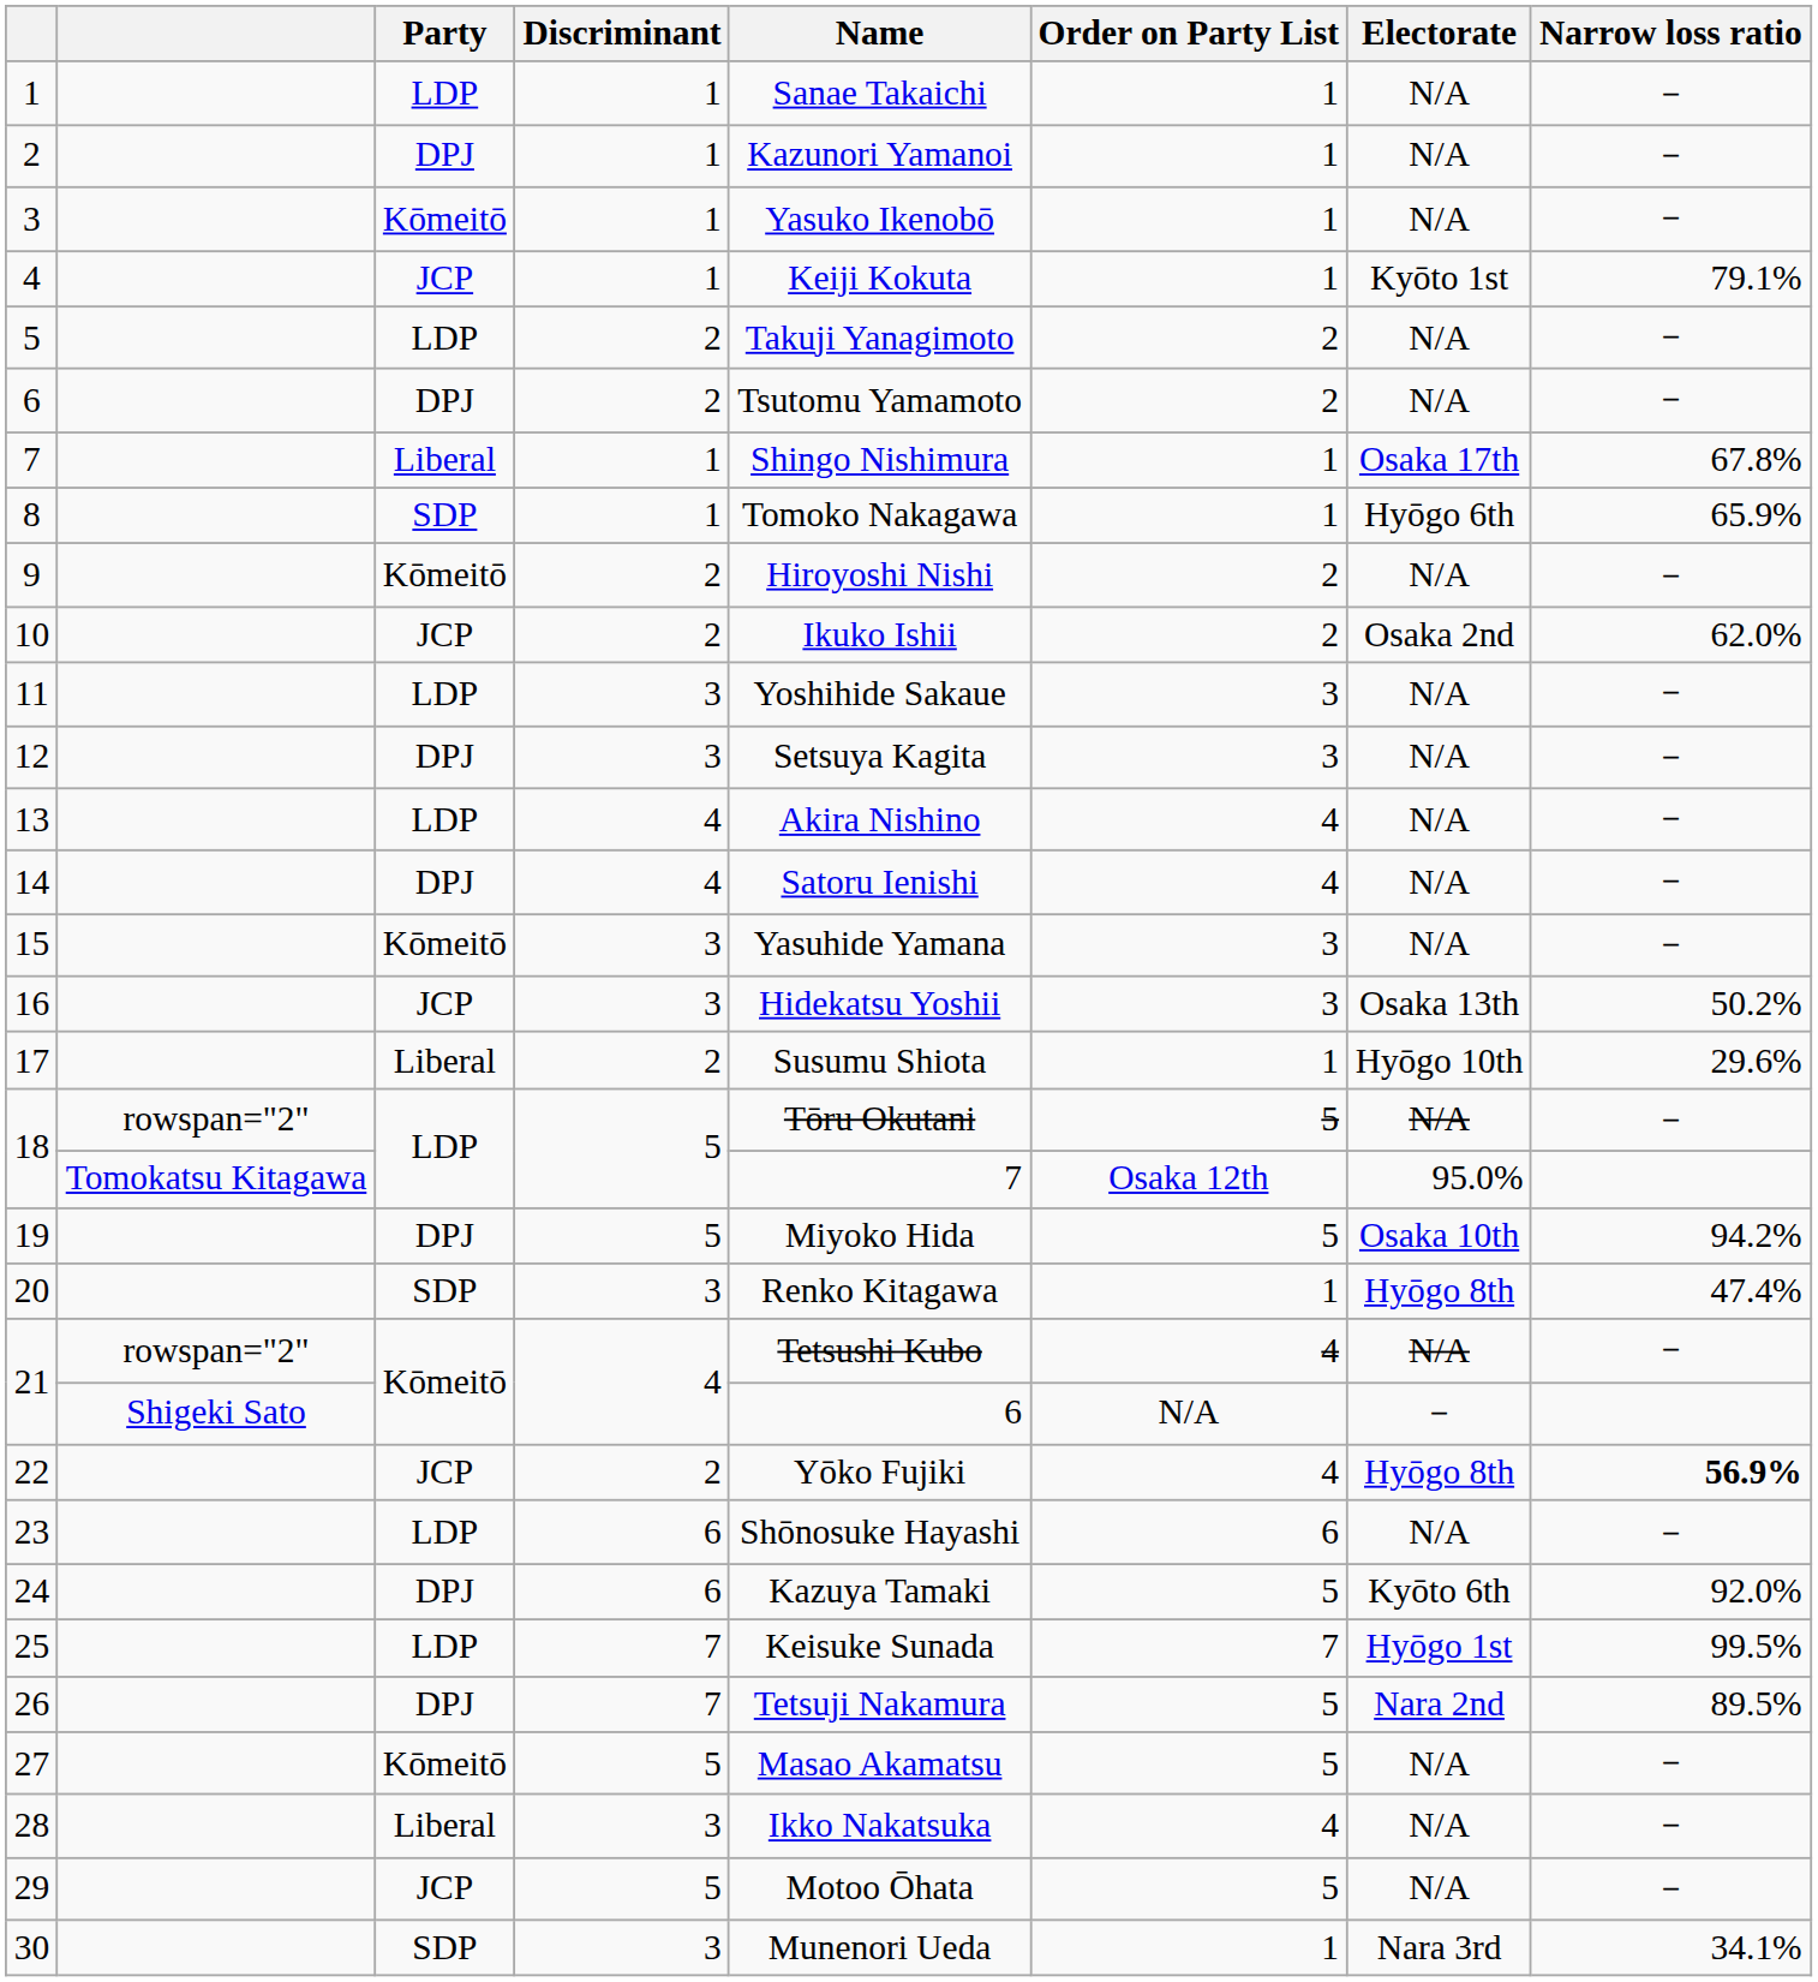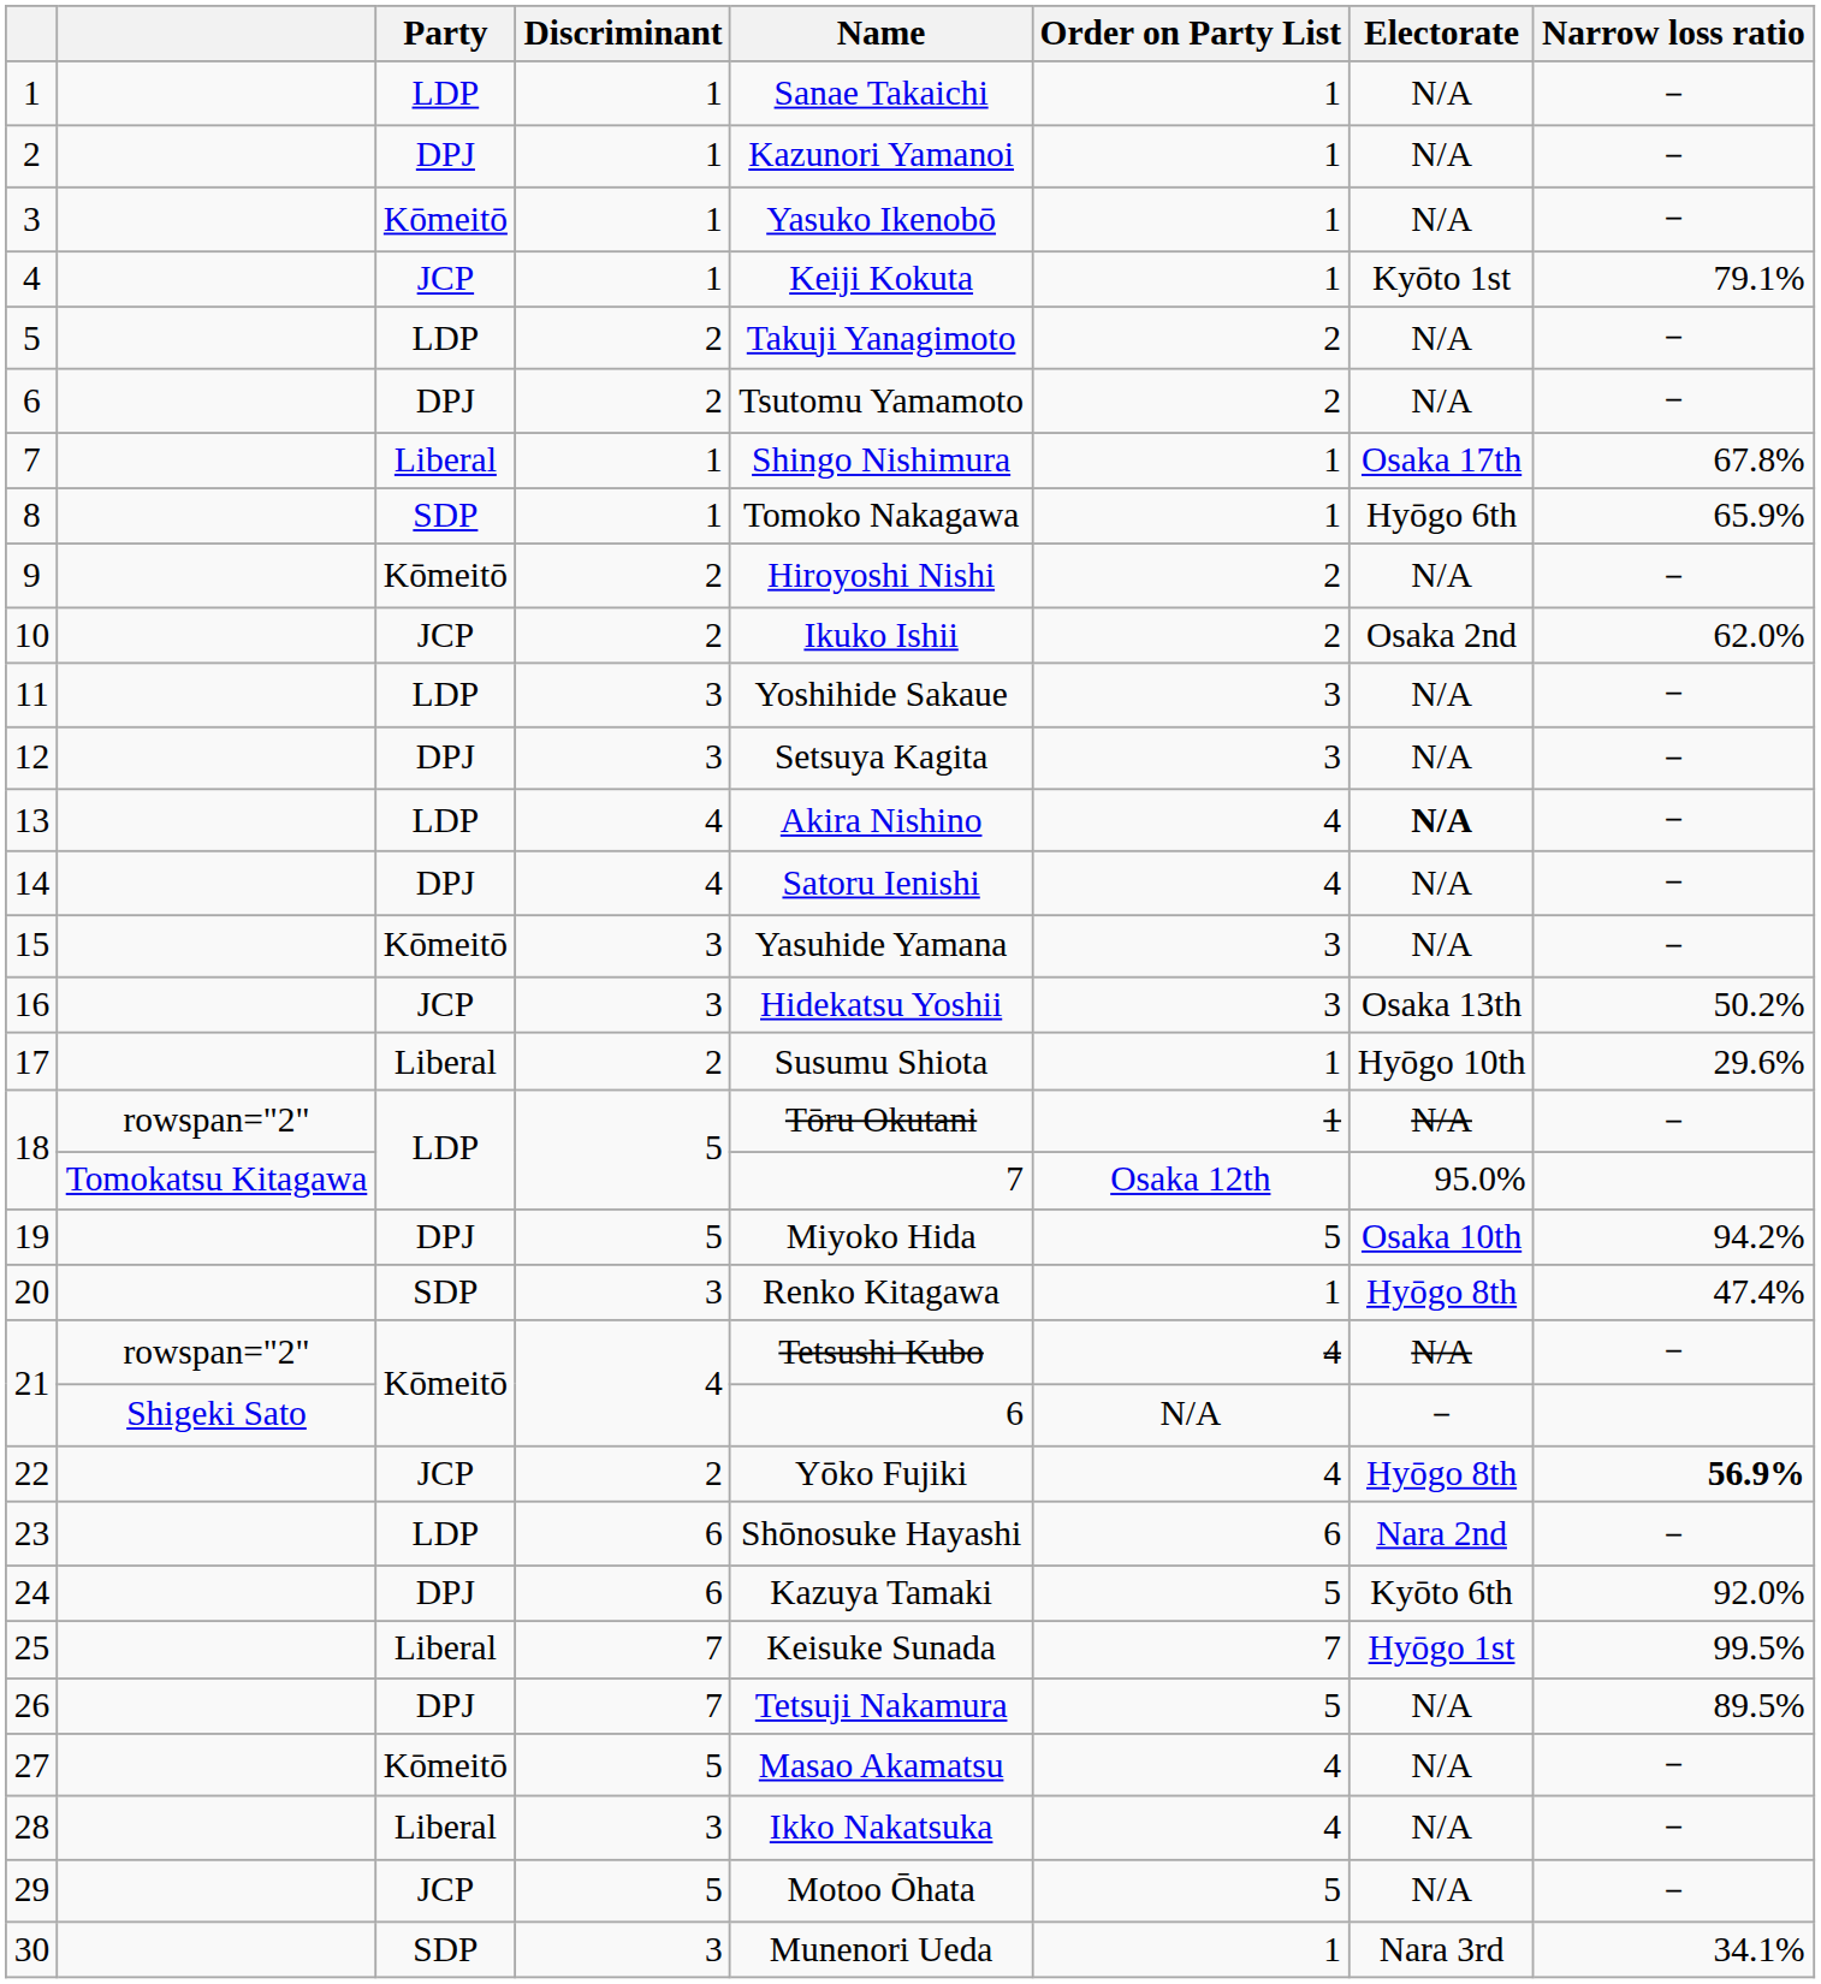 <table class="wikitable sortable" style="text-align:center;">
 <tr>
 <th></th>
 <th></th>
 <th>Party</th>
 <th>Discriminant</th>
 <th>Name</th>
 <th>Order on Party List</th>
 <th>Electorate</th>
 <th>Narrow loss ratio</th>
 </tr>
 <tr>
 <td>1</td>
 <td></td>
 <td><a href='#'>LDP</a></td>
 <td style="text-align: right;">1</td>
 <td><a href='#'>Sanae Takaichi</a></td>
 <td style="text-align: right;">1</td>
 <td>N/A</td>
 <td>－</td>
 </tr>
 <tr>
 <td>2</td>
 <td></td>
 <td><a href='#'>DPJ</a></td>
 <td style="text-align: right;">1</td>
 <td><a href='#'>Kazunori Yamanoi</a></td>
 <td style="text-align: right;">1</td>
 <td>N/A</td>
 <td>－</td>
 </tr>
 <tr>
 <td>3</td>
 <td></td>
 <td><a href='#'>Kōmeitō</a></td>
 <td style="text-align: right;">1</td>
 <td><a href='#'>Yasuko Ikenobō</a></td>
 <td style="text-align: right;">1</td>
 <td>N/A</td>
 <td>－</td>
 </tr>
 <tr>
 <td>4</td>
 <td></td>
 <td><a href='#'>JCP</a></td>
 <td style="text-align: right;">1</td>
 <td><a href='#'>Keiji Kokuta</a></td>
 <td style="text-align: right;">1</td>
 <td>Kyōto 1st</td>
 <td style="text-align: right;">79.1%</td>
 </tr>
 <tr>
 <td>5</td>
 <td></td>
 <td>LDP</td>
 <td style="text-align: right;">2</td>
 <td><a href='#'>Takuji Yanagimoto</a></td>
 <td style="text-align: right;">2</td>
 <td>N/A</td>
 <td>－</td>
 </tr>
 <tr>
 <td>6</td>
 <td></td>
 <td>DPJ</td>
 <td style="text-align: right;">2</td>
 <td>Tsutomu Yamamoto</td>
 <td style="text-align: right;">2</td>
 <td>N/A</td>
 <td>－</td>
 </tr>
 <tr>
 <td>7</td>
 <td></td>
 <td><a href='#'>Liberal</a></td>
 <td style="text-align: right;">1</td>
 <td><a href='#'>Shingo Nishimura</a></td>
 <td style="text-align: right;">1</td>
 <td><a href='#'>Osaka 17th</a></td>
 <td style="text-align: right;">67.8%</td>
 </tr>
 <tr>
 <td>8</td>
 <td></td>
 <td><a href='#'>SDP</a></td>
 <td style="text-align: right;">1</td>
 <td>Tomoko Nakagawa</td>
 <td style="text-align: right;">1</td>
 <td>Hyōgo 6th</td>
 <td style="text-align: right;">65.9%</td>
 </tr>
 <tr>
 <td>9</td>
 <td></td>
 <td>Kōmeitō</td>
 <td style="text-align: right;">2</td>
 <td><a href='#'>Hiroyoshi Nishi</a></td>
 <td style="text-align: right;">2</td>
 <td>N/A</td>
 <td>－</td>
 </tr>
 <tr>
 <td>10</td>
 <td></td>
 <td>JCP</td>
 <td style="text-align: right;">2</td>
 <td><a href='#'>Ikuko Ishii</a></td>
 <td style="text-align: right;">2</td>
 <td>Osaka 2nd</td>
 <td style="text-align: right;">62.0%</td>
 </tr>
 <tr>
 <td>11</td>
 <td></td>
 <td>LDP</td>
 <td style="text-align: right;">3</td>
 <td>Yoshihide Sakaue</td>
 <td style="text-align: right;">3</td>
 <td>N/A</td>
 <td>－</td>
 </tr>
 <tr>
 <td>12</td>
 <td></td>
 <td>DPJ</td>
 <td style="text-align: right;">3</td>
 <td>Setsuya Kagita</td>
 <td style="text-align: right;">3</td>
 <td>N/A</td>
 <td>－</td>
 </tr>
 <tr>
 <td>13</td>
 <td></td>
 <td>LDP</td>
 <td style="text-align: right;">4</td>
 <td><a href='#'>Akira Nishino</a></td>
 <td style="text-align: right;">4</td>
-<td>N/A</td>
+<td><strong>N/A</strong></td>
 <td>－</td>
 </tr>
 <tr>
 <td>14</td>
 <td></td>
 <td>DPJ</td>
 <td style="text-align: right;">4</td>
 <td><a href='#'>Satoru Ienishi</a></td>
 <td style="text-align: right;">4</td>
 <td>N/A</td>
 <td>－</td>
 </tr>
 <tr>
 <td>15</td>
 <td></td>
 <td>Kōmeitō</td>
 <td style="text-align: right;">3</td>
 <td>Yasuhide Yamana</td>
 <td style="text-align: right;">3</td>
 <td>N/A</td>
 <td>－</td>
 </tr>
 <tr>
 <td>16</td>
 <td></td>
 <td>JCP</td>
 <td style="text-align: right;">3</td>
 <td><a href='#'>Hidekatsu Yoshii</a></td>
 <td style="text-align: right;">3</td>
 <td>Osaka 13th</td>
 <td style="text-align: right;">50.2%</td>
 </tr>
 <tr>
 <td>17</td>
 <td></td>
 <td>Liberal</td>
 <td style="text-align: right;">2</td>
 <td>Susumu Shiota</td>
 <td style="text-align: right;">1</td>
 <td>Hyōgo 10th</td>
 <td style="text-align: right;">29.6%</td>
 </tr>
 <tr>
 <td rowspan="2">18</td>
 <td>rowspan="2" </td>
 <td rowspan="2">LDP</td>
 <td rowspan="2" style="text-align: right;">5</td>
 <td><del>Tōru Okutani</del></td>
-<td style="text-align: right;"><del>5</del></td>
+<td style="text-align: right;"><del>1</del></td>
 <td><del>N/A</del></td>
 <td>－</td>
 </tr>
 <tr>
 <td><a href='#'>Tomokatsu Kitagawa</a></td>
 <td style="text-align: right;">7</td>
 <td><a href='#'>Osaka 12th</a></td>
 <td style="text-align: right;">95.0%</td>
 </tr>
 <tr>
 <td>19</td>
 <td></td>
 <td>DPJ</td>
 <td style="text-align: right;">5</td>
 <td>Miyoko Hida</td>
 <td style="text-align: right;">5</td>
 <td><a href='#'>Osaka 10th</a></td>
 <td style="text-align: right;">94.2%</td>
 </tr>
 <tr>
 <td>20</td>
 <td></td>
 <td>SDP</td>
 <td style="text-align: right;">3</td>
 <td>Renko Kitagawa</td>
 <td style="text-align: right;">1</td>
 <td><a href='#'>Hyōgo 8th</a></td>
 <td style="text-align: right;">47.4%</td>
 </tr>
 <tr>
 <td rowspan="2">21</td>
 <td>rowspan="2" </td>
 <td rowspan="2">Kōmeitō</td>
 <td rowspan="2" style="text-align: right;">4</td>
 <td><del>Tetsushi Kubo</del></td>
 <td style="text-align: right;"><del>4</del></td>
 <td><del>N/A</del></td>
 <td>－</td>
 </tr>
 <tr>
 <td><a href='#'>Shigeki Sato</a></td>
 <td style="text-align: right;">6</td>
 <td>N/A</td>
 <td>－</td>
 </tr>
 <tr>
 <td>22</td>
 <td></td>
 <td>JCP</td>
 <td style="text-align: right;">2</td>
 <td>Yōko Fujiki</td>
 <td style="text-align: right;">4</td>
 <td><a href='#'>Hyōgo 8th</a></td>
 <td style="text-align: right;"><strong>56.9%</strong></td>
 </tr>
 <tr>
 <td>23</td>
 <td></td>
 <td>LDP</td>
 <td style="text-align: right;">6</td>
 <td>Shōnosuke Hayashi</td>
 <td style="text-align: right;">6</td>
-<td>N/A</td>
+<td><a href='#'>Nara 2nd</a></td>
 <td>－</td>
 </tr>
 <tr>
 <td>24</td>
 <td></td>
 <td>DPJ</td>
 <td style="text-align: right;">6</td>
 <td>Kazuya Tamaki</td>
 <td style="text-align: right;">5</td>
 <td>Kyōto 6th</td>
 <td style="text-align: right;">92.0%</td>
 </tr>
 <tr>
 <td>25</td>
 <td></td>
-<td>LDP</td>
+<td>Liberal</td>
 <td style="text-align: right;">7</td>
 <td>Keisuke Sunada</td>
 <td style="text-align: right;">7</td>
 <td><a href='#'>Hyōgo 1st</a></td>
 <td style="text-align: right;">99.5%</td>
 </tr>
 <tr>
 <td>26</td>
 <td></td>
 <td>DPJ</td>
 <td style="text-align: right;">7</td>
 <td><a href='#'>Tetsuji Nakamura</a></td>
 <td style="text-align: right;">5</td>
-<td><a href='#'>Nara 2nd</a></td>
+<td>N/A</td>
 <td style="text-align: right;">89.5%</td>
 </tr>
 <tr>
 <td>27</td>
 <td></td>
 <td>Kōmeitō</td>
 <td style="text-align: right;">5</td>
 <td><a href='#'>Masao Akamatsu</a></td>
-<td style="text-align: right;">5</td>
+<td style="text-align: right;">4</td>
 <td>N/A</td>
 <td>－</td>
 </tr>
 <tr>
 <td>28</td>
 <td></td>
 <td>Liberal</td>
 <td style="text-align: right;">3</td>
 <td><a href='#'>Ikko Nakatsuka</a></td>
 <td style="text-align: right;">4</td>
 <td>N/A</td>
 <td>－</td>
 </tr>
 <tr>
 <td>29</td>
 <td></td>
 <td>JCP</td>
 <td style="text-align: right;">5</td>
 <td>Motoo Ōhata</td>
 <td style="text-align: right;">5</td>
 <td>N/A</td>
 <td>－</td>
 </tr>
 <tr>
 <td>30</td>
 <td></td>
 <td>SDP</td>
 <td style="text-align: right;">3</td>
 <td>Munenori Ueda</td>
 <td style="text-align: right;">1</td>
 <td>Nara 3rd</td>
 <td style="text-align: right;">34.1%</td>
 </tr>
 </table>
